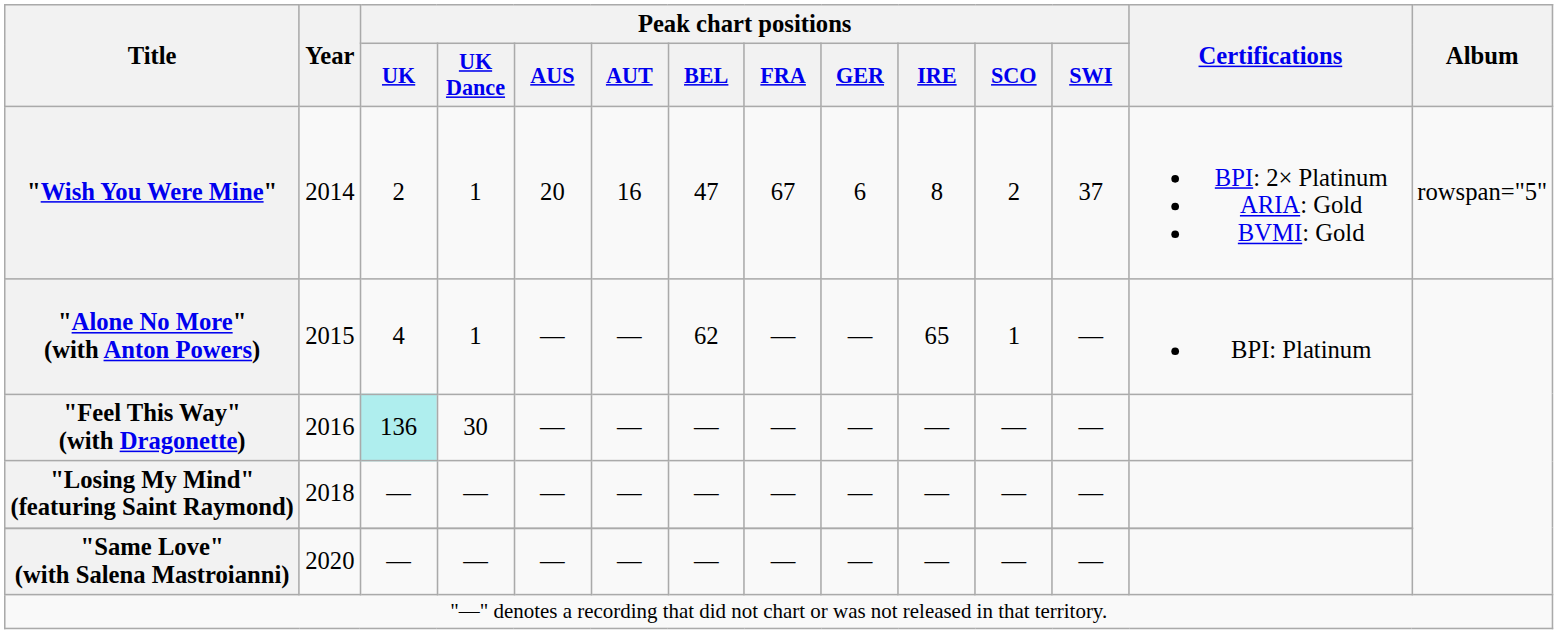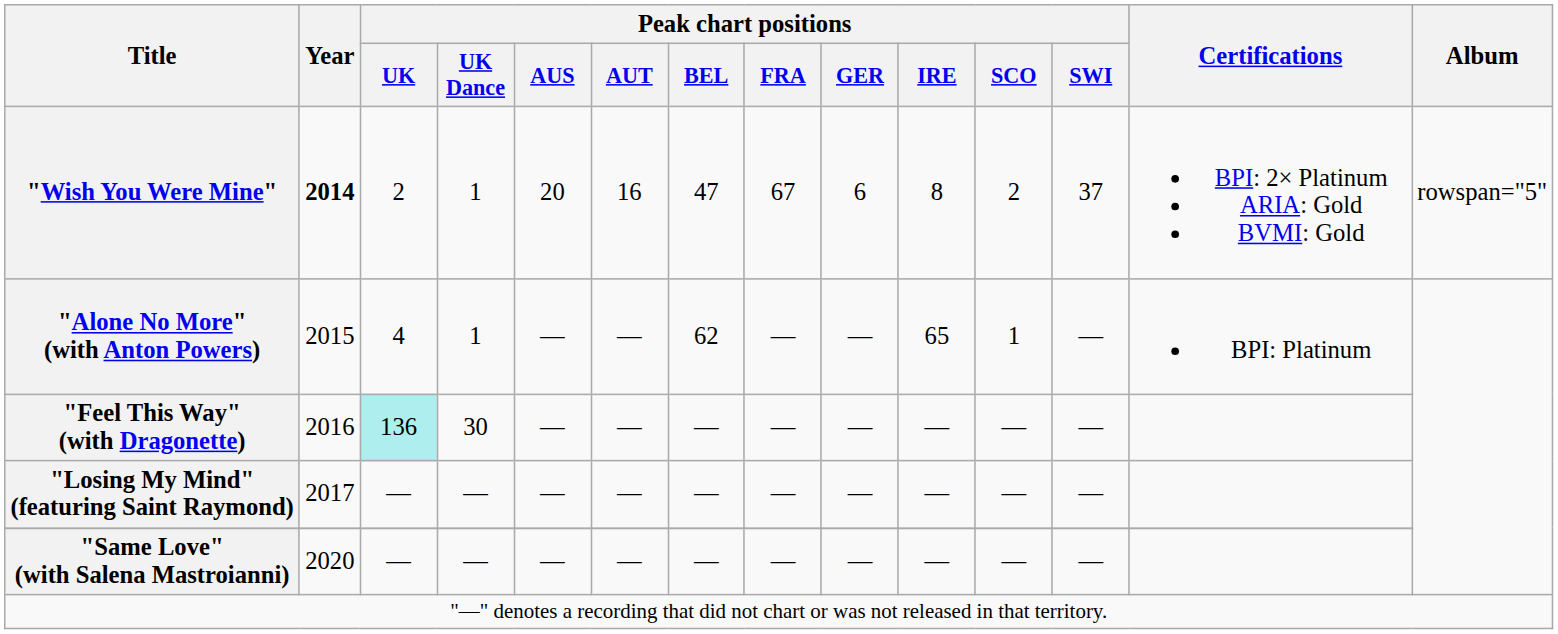 <table class="wikitable plainrowheaders" style="text-align:center;">
 <tr>
 <th scope="col" rowspan="2">Title</th>
 <th scope="col" rowspan="2">Year</th>
 <th scope="col" colspan="10">Peak chart positions</th>
 <th scope="col" rowspan="2" style="width:11em"><a href='#'>Certifications</a></th>
 <th scope="col" rowspan="2">Album</th>
 </tr>
 <tr>
 <th scope="col" style="width:3em;font-size:90%;"><a href='#'>UK</a><br></th>
 <th scope="col" style="width:3em;font-size:90%;"><a href='#'>UK Dance</a><br></th>
 <th scope="col" style="width:3em;font-size:90%;"><a href='#'>AUS</a><br></th>
 <th scope="col" style="width:3em; font-size:90%;"><a href='#'>AUT</a><br></th>
 <th scope="col" style="width:3em;font-size:90%;"><a href='#'>BEL</a><br></th>
 <th scope="col" style="width:3em;font-size:90%;"><a href='#'>FRA</a><br></th>
 <th scope="col" style="width:3em; font-size:90%;"><a href='#'>GER</a><br></th>
 <th scope="col" style="width:3em;font-size:90%;"><a href='#'>IRE</a><br></th>
 <th scope="col" style="width:3em;font-size:90%;"><a href='#'>SCO</a><br></th>
 <th scope="col" style="width:3em;font-size:90%;"><a href='#'>SWI</a><br></th>
 </tr>
 <tr>
 <th scope="row">"<a href='#'>Wish You Were Mine</a>"</th>
-<td>2014</td>
+<td><strong>2014</strong></td>
 <td>2</td>
 <td>1</td>
 <td>20</td>
 <td>16</td>
 <td>47</td>
 <td>67</td>
 <td>6</td>
 <td>8</td>
 <td>2</td>
 <td>37</td>
 <td><br><ul><li><a href='#'>BPI</a>: 2× Platinum</li><li><a href='#'>ARIA</a>: Gold</li><li><a href='#'>BVMI</a>: Gold</li></ul></td>
 <td>rowspan="5" </td>
 </tr>
 <tr>
 <th scope="row">"<a href='#'>Alone No More</a>"<br><span>(with <a href='#'>Anton Powers</a>)</span></th>
 <td rowspan="1">2015</td>
 <td>4</td>
 <td>1</td>
 <td>—</td>
 <td>—</td>
 <td>62</td>
 <td>—</td>
 <td>—</td>
 <td>65</td>
 <td>1</td>
 <td>—</td>
 <td><br><ul><li>BPI: Platinum</li></ul></td>
 </tr>
 <tr>
 <th scope="row">"Feel This Way"<br><span>(with <a href='#'>Dragonette</a>)</span></th>
 <td rowspan="1">2016</td>
 <td style="background: paleturquoise;">136</td>
 <td>30</td>
 <td>—</td>
 <td>—</td>
 <td>—</td>
 <td>—</td>
 <td>—</td>
 <td>—</td>
 <td>—</td>
 <td>—</td>
 <td></td>
 </tr>
 <tr>
 <th scope="row">"Losing My Mind"<br><span>(featuring Saint Raymond)</span></th>
-<td rowspan="1">2018</td>
+<td rowspan="1">2017</td>
 <td>—</td>
 <td>—</td>
 <td>—</td>
 <td>—</td>
 <td>—</td>
 <td>—</td>
 <td>—</td>
 <td>—</td>
 <td>—</td>
 <td>—</td>
 <td></td>
 </tr>
 <tr>
 </tr>
 <tr>
 <th scope="row">"Same Love"<br><span>(with Salena Mastroianni)</span></th>
 <td rowspan="1">2020</td>
 <td>—</td>
 <td>—</td>
 <td>—</td>
 <td>—</td>
 <td>—</td>
 <td>—</td>
 <td>—</td>
 <td>—</td>
 <td>—</td>
 <td>—</td>
 <td></td>
 </tr>
 <tr>
 <td colspan="19" style="font-size:85%">"—" denotes a recording that did not chart or was not released in that territory.</td>
 </tr>
 </table>
